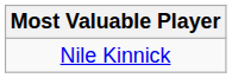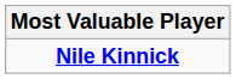 <table class="wikitable" style="text-align:center">
 <tr>
 <th>Most Valuable Player</th>
 </tr>
 <tr>
-<td><a href='#'>Nile Kinnick</a></td>
+<td><strong><a href='#'>Nile Kinnick</a></strong></td>
 </tr>
 </table>
